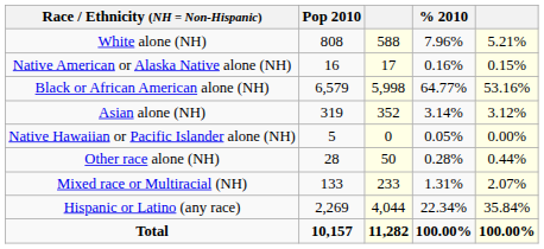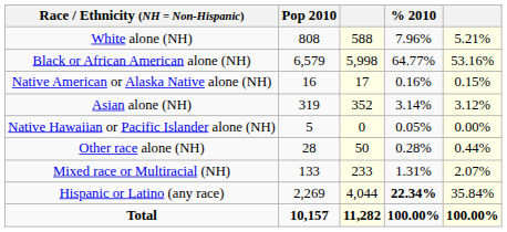 <table class="wikitable" style="text-align:center;">
 <tr>
 <th>Race / Ethnicity <small>(<em>NH = Non-Hispanic</em>)</small></th>
 <th>Pop 2010</th>
 <th></th>
 <th>% 2010</th>
 <th></th>
 </tr>
 <tr>
 <td><a href='#'>White</a> alone (NH)</td>
 <td>808</td>
 <td style='background: #ffffe6;'>588</td>
 <td>7.96%</td>
 <td style='background: #ffffe6;'>5.21%</td>
 </tr>
 <tr>
+<td><a href='#'>Black or African American</a> alone (NH)</td>
+<td>6,579</td>
+<td style='background: #ffffe6;'>5,998</td>
+<td>64.77%</td>
+<td style='background: #ffffe6;'>53.16%</td>
+</tr>
+<tr>
 <td><a href='#'>Native American</a> or <a href='#'>Alaska Native</a> alone (NH)</td>
 <td>16</td>
 <td style='background: #ffffe6;'>17</td>
 <td>0.16%</td>
 <td style='background: #ffffe6;'>0.15%</td>
-</tr>
-<tr>
-<td><a href='#'>Black or African American</a> alone (NH)</td>
-<td>6,579</td>
-<td style='background: #ffffe6;'>5,998</td>
-<td>64.77%</td>
-<td style='background: #ffffe6;'>53.16%</td>
 </tr>
 <tr>
 <td><a href='#'>Asian</a> alone (NH)</td>
 <td>319</td>
 <td style='background: #ffffe6;'>352</td>
 <td>3.14%</td>
 <td style='background: #ffffe6;'>3.12%</td>
 </tr>
 <tr>
 <td><a href='#'>Native Hawaiian</a> or <a href='#'>Pacific Islander</a> alone (NH)</td>
 <td>5</td>
 <td style='background: #ffffe6;'>0</td>
 <td>0.05%</td>
 <td style='background: #ffffe6;'>0.00%</td>
 </tr>
 <tr>
 <td><a href='#'>Other race</a> alone (NH)</td>
 <td>28</td>
 <td style='background: #ffffe6;'>50</td>
 <td>0.28%</td>
 <td style='background: #ffffe6;'>0.44%</td>
 </tr>
 <tr>
 <td><a href='#'>Mixed race or Multiracial</a> (NH)</td>
 <td>133</td>
 <td style='background: #ffffe6;'>233</td>
 <td>1.31%</td>
 <td style='background: #ffffe6;'>2.07%</td>
 </tr>
 <tr>
 <td><a href='#'>Hispanic or Latino</a> (any race)</td>
 <td>2,269</td>
 <td style='background: #ffffe6;'>4,044</td>
-<td>22.34%</td>
+<td><strong>22.34%</strong></td>
 <td style='background: #ffffe6;'>35.84%</td>
 </tr>
 <tr>
 <td><strong>Total</strong></td>
 <td><strong>10,157</strong></td>
 <td style='background: #ffffe6;'><strong>11,282</strong></td>
 <td><strong>100.00%</strong></td>
 <td style='background: #ffffe6;'><strong>100.00%</strong></td>
 </tr>
 </table>
